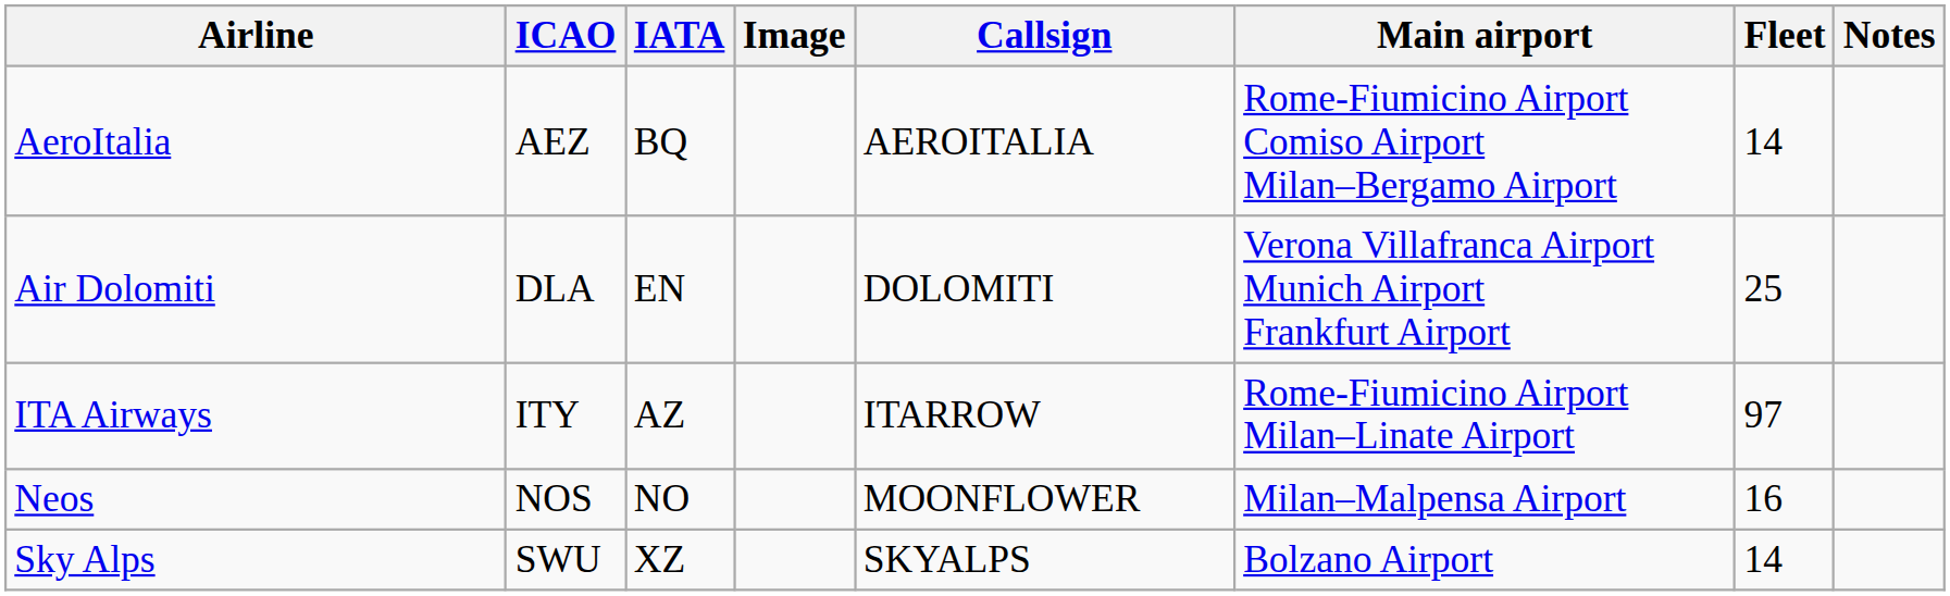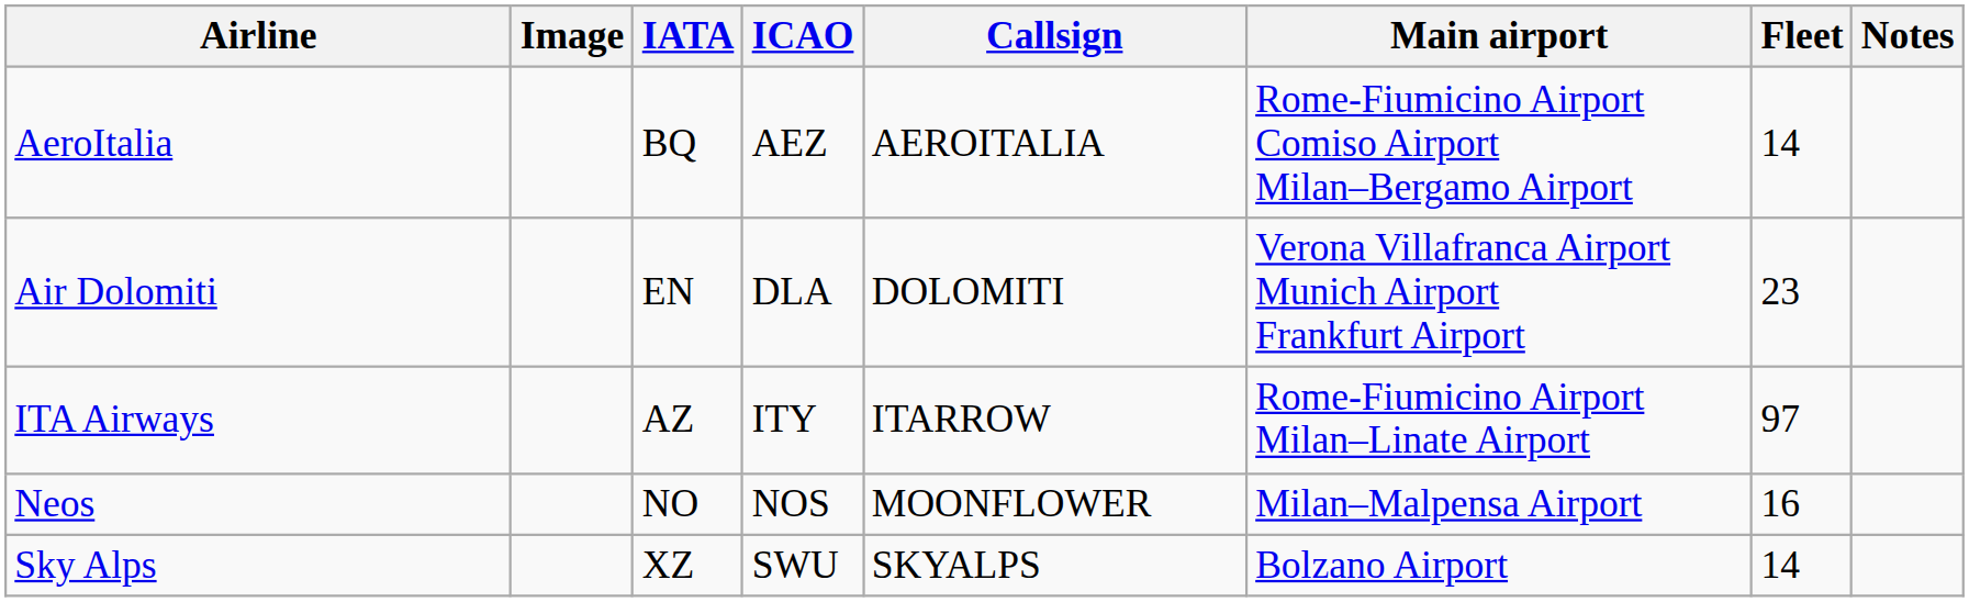 <table class="wikitable sortable" style="border: 0; cellpadding: 2; cellspacing: 3;">
 <tr valign="middle">
 <th ! style="width:200px;">Airline</th>
+<th>Image</th>
+<th><a href='#'> IATA</a></th>
 <th><a href='#'> ICAO</a></th>
-<th><a href='#'> IATA</a></th>
-<th>Image</th>
 <th ! style="width:150px;"><a href='#'>Callsign</a></th>
 <th ! style="width:200px;">Main airport</th>
 <th>Fleet</th>
 <th>Notes</th>
 </tr>
 <tr>
 <td><a href='#'>AeroItalia</a></td>
+<td></td>
+<td>BQ</td>
 <td>AEZ</td>
-<td>BQ</td>
-<td></td>
 <td>AEROITALIA</td>
 <td><a href='#'>Rome-Fiumicino Airport</a><br><a href='#'>Comiso Airport</a><br><a href='#'>Milan–Bergamo Airport</a></td>
 <td>14</td>
 <td></td>
 </tr>
 <tr>
 <td><a href='#'>Air Dolomiti</a></td>
+<td></td>
+<td>EN</td>
 <td>DLA</td>
-<td>EN</td>
-<td></td>
 <td>DOLOMITI</td>
 <td><a href='#'>Verona Villafranca Airport</a><em><br></em><a href='#'>Munich Airport</a><em><br></em><a href='#'>Frankfurt Airport</a></td>
-<td>25</td>
+<td>23</td>
 <td></td>
 </tr>
 <tr>
 <td><a href='#'>ITA Airways</a></td>
+<td></td>
+<td>AZ</td>
 <td>ITY</td>
-<td>AZ</td>
-<td></td>
 <td>ITARROW</td>
 <td><a href='#'>Rome-Fiumicino Airport</a><em><br></em><a href='#'>Milan–Linate Airport</a></td>
 <td>97</td>
 <td></td>
 </tr>
 <tr>
 <td><a href='#'> Neos</a></td>
+<td></td>
+<td>NO</td>
 <td>NOS</td>
-<td>NO</td>
-<td></td>
 <td>MOONFLOWER</td>
 <td><a href='#'>Milan–Malpensa Airport</a></td>
 <td>16</td>
 <td></td>
 </tr>
 <tr>
 <td><a href='#'>Sky Alps </a></td>
+<td></td>
+<td>XZ</td>
 <td>SWU</td>
-<td>XZ</td>
-<td></td>
 <td>SKYALPS</td>
 <td><a href='#'>Bolzano Airport</a></td>
 <td>14</td>
 <td></td>
 </tr>
 </table>
